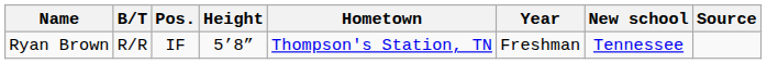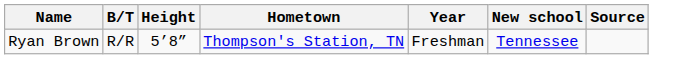 <table class="wikitable sortable">
 <tr>
 <th style="text-align:center; ">Name</th>
 <th style="text-align:center; ">B/T</th>
-<th style="text-align:center; ">Pos.</th>
 <th style="text-align:center; ">Height</th>
 <th style="text-align:center; ">Hometown</th>
 <th style="text-align:center; ">Year</th>
 <th style="text-align:center; ">New school</th>
 <th style="text-align:center; ">Source</th>
 </tr>
 <tr align="center">
 <td>Ryan Brown</td>
 <td>R/R</td>
-<td>IF</td>
 <td>5’8”</td>
 <td><a href='#'>Thompson's Station, TN</a></td>
 <td>Freshman</td>
 <td><a href='#'>Tennessee</a></td>
 <td></td>
 </tr>
 </table>
